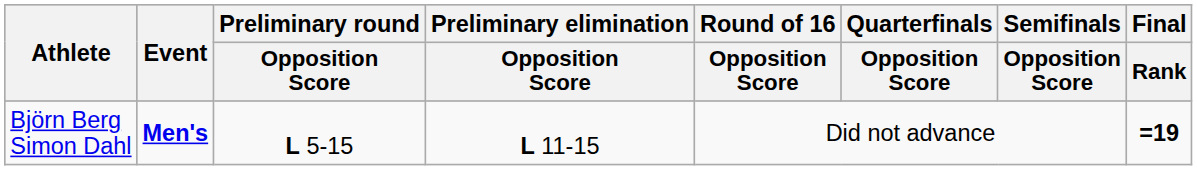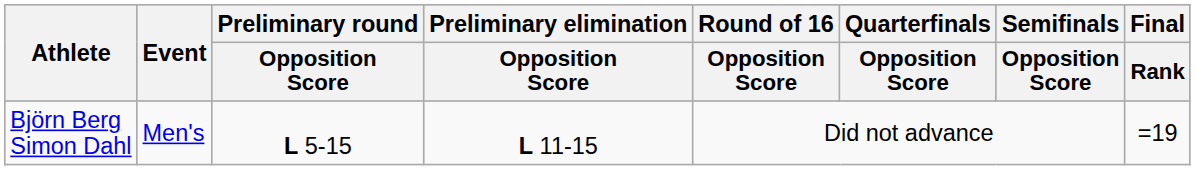 <table class=wikitable style="font-size:90%">
 <tr>
 <th rowspan="2">Athlete</th>
 <th rowspan="2">Event</th>
 <th>Preliminary round</th>
 <th>Preliminary elimination</th>
 <th>Round of 16</th>
 <th>Quarterfinals</th>
 <th>Semifinals</th>
 <th colspan=2>Final</th>
 </tr>
 <tr style="font-size:95%">
 <th>Opposition<br>Score</th>
 <th>Opposition<br>Score</th>
 <th>Opposition<br>Score</th>
 <th>Opposition<br>Score</th>
 <th>Opposition<br>Score</th>
 <th>Rank</th>
 </tr>
 <tr align=center>
 <td align=left><a href='#'>Björn Berg</a><br><a href='#'>Simon Dahl</a></td>
-<td align=left><strong><a href='#'>Men's</a></strong></td>
+<td align=left><a href='#'>Men's</a></td>
 <td align=center><br><strong>L</strong> 5-15</td>
 <td align=center><br><strong>L</strong> 11-15</td>
 <td colspan=3>Did not advance</td>
-<td align=center><strong>=19</strong></td>
+<td align=center>=19</td>
 </tr>
 </table>
